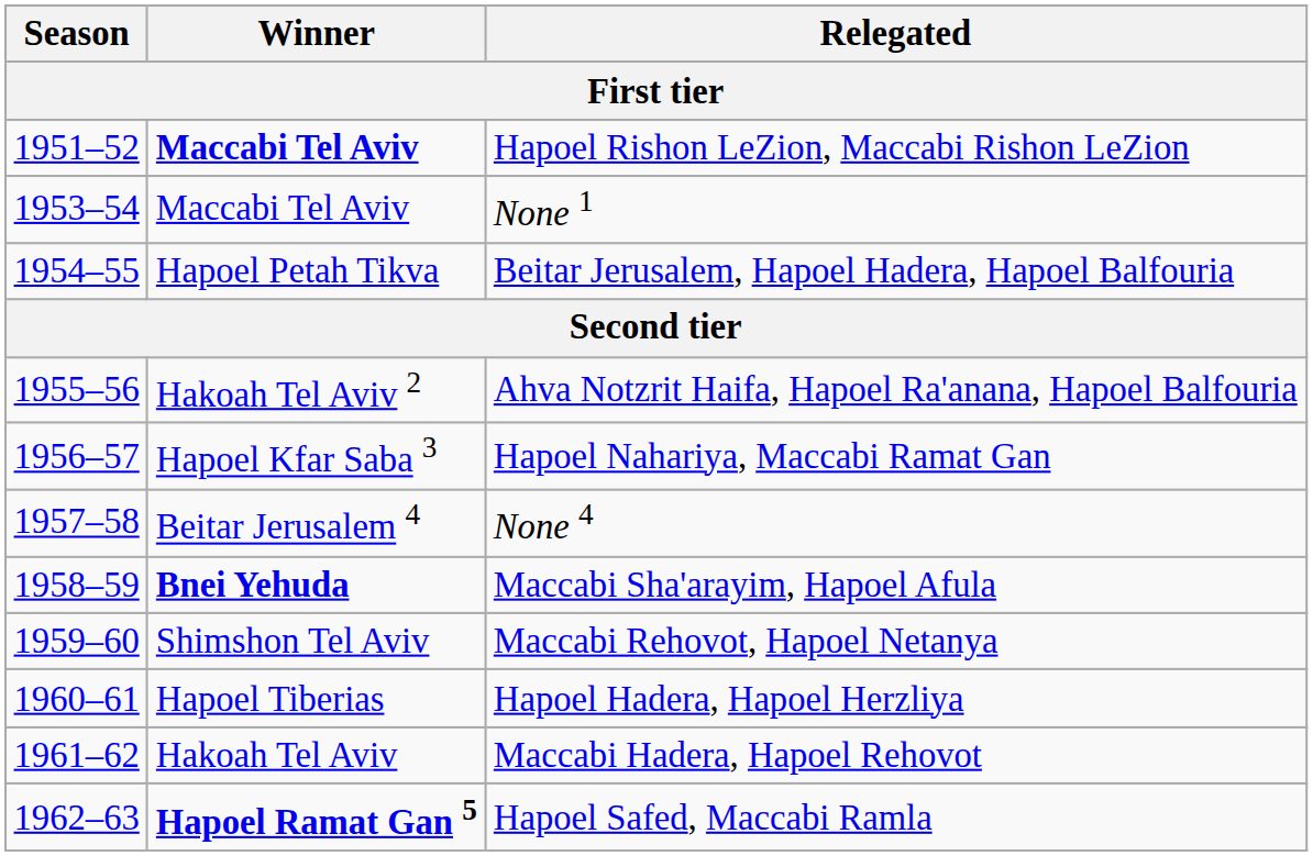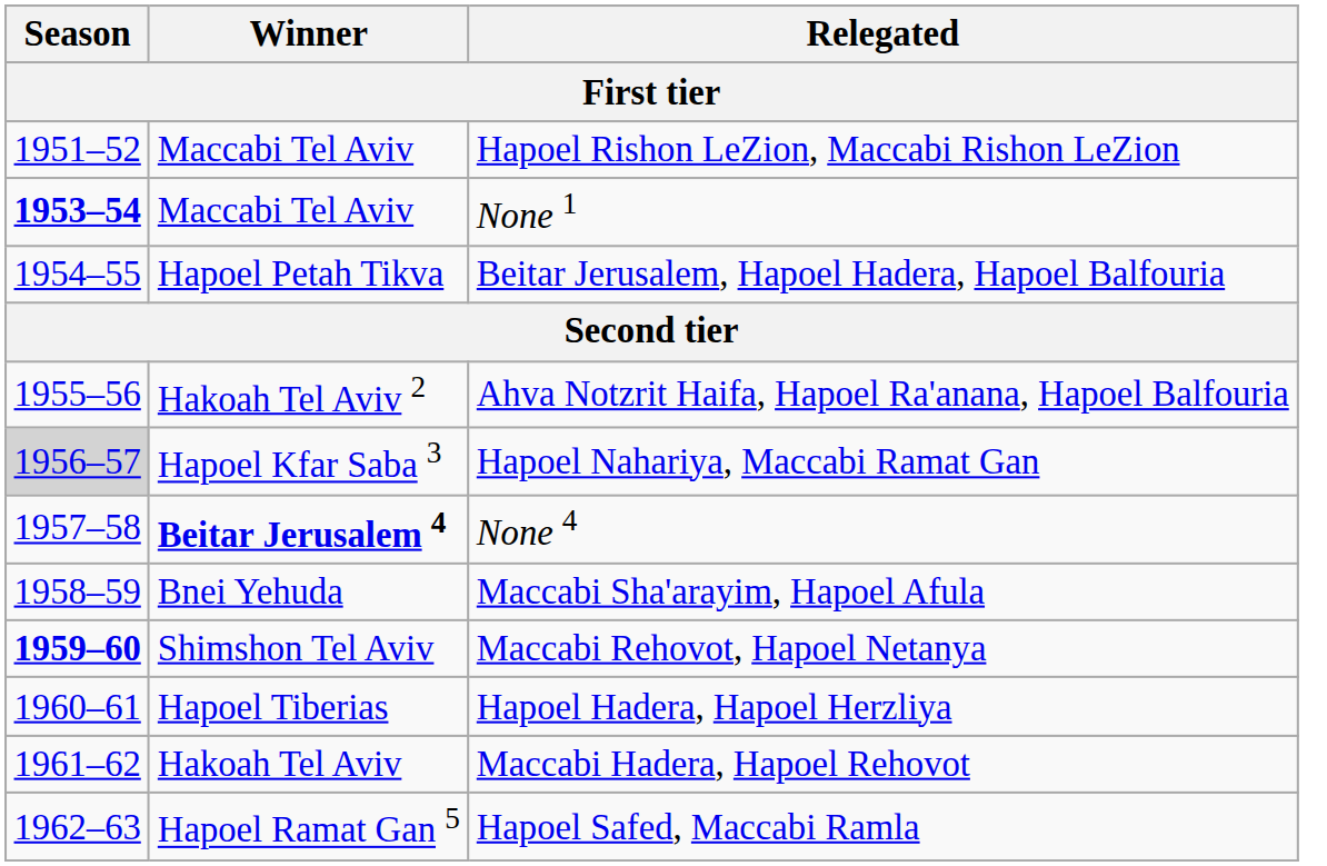 <table class="wikitable" style="text-align:left;">
 <tr>
 <th>Season</th>
 <th>Winner</th>
 <th>Relegated</th>
 </tr>
 <tr>
 <th colspan=3>First tier</th>
 </tr>
 <tr>
 <td align="center"><a href='#'>1951–52</a></td>
-<td><strong><a href='#'>Maccabi Tel Aviv</a></strong></td>
+<td><a href='#'>Maccabi Tel Aviv</a></td>
 <td><a href='#'>Hapoel Rishon LeZion</a>, <a href='#'>Maccabi Rishon LeZion</a></td>
 </tr>
 <tr>
-<td align="center"><a href='#'>1953–54</a></td>
+<td align="center"><strong><a href='#'>1953–54</a></strong></td>
 <td><a href='#'>Maccabi Tel Aviv</a></td>
 <td><em>None</em> <sup>1</sup></td>
 </tr>
 <tr>
 <td align="center"><a href='#'>1954–55</a></td>
 <td><a href='#'>Hapoel Petah Tikva</a></td>
 <td><a href='#'>Beitar Jerusalem</a>, <a href='#'>Hapoel Hadera</a>, <a href='#'>Hapoel Balfouria</a></td>
 </tr>
 <tr>
 <th colspan=3>Second tier</th>
 </tr>
 <tr>
 <td align="center"><a href='#'>1955–56</a></td>
 <td><a href='#'>Hakoah Tel Aviv</a> <sup>2</sup></td>
 <td><a href='#'>Ahva Notzrit Haifa</a>, <a href='#'>Hapoel Ra'anana</a>, <a href='#'>Hapoel Balfouria</a></td>
 </tr>
 <tr>
-<td align="center"><a href='#'>1956–57</a></td>
+<td align="center" style="background: lightgrey;"><a href='#'>1956–57</a></td>
 <td><a href='#'>Hapoel Kfar Saba</a> <sup>3</sup></td>
 <td><a href='#'>Hapoel Nahariya</a>, <a href='#'>Maccabi Ramat Gan</a></td>
 </tr>
 <tr>
 <td align="center"><a href='#'>1957–58</a></td>
-<td><a href='#'>Beitar Jerusalem</a> <sup>4</sup></td>
+<td><strong><a href='#'>Beitar Jerusalem</a> <sup>4</sup></strong></td>
 <td><em>None</em> <sup>4</sup></td>
 </tr>
 <tr>
 <td align="center"><a href='#'>1958–59</a></td>
-<td><strong><a href='#'>Bnei Yehuda</a></strong></td>
+<td><a href='#'>Bnei Yehuda</a></td>
 <td><a href='#'>Maccabi Sha'arayim</a>, <a href='#'>Hapoel Afula</a></td>
 </tr>
 <tr>
-<td align="center"><a href='#'>1959–60</a></td>
+<td align="center"><strong><a href='#'>1959–60</a></strong></td>
 <td><a href='#'>Shimshon Tel Aviv</a></td>
 <td><a href='#'>Maccabi Rehovot</a>, <a href='#'>Hapoel Netanya</a></td>
 </tr>
 <tr>
 <td align="center"><a href='#'>1960–61</a></td>
 <td><a href='#'>Hapoel Tiberias</a></td>
 <td><a href='#'>Hapoel Hadera</a>, <a href='#'>Hapoel Herzliya</a></td>
 </tr>
 <tr>
 <td align="center"><a href='#'>1961–62</a></td>
 <td><a href='#'>Hakoah Tel Aviv</a></td>
 <td><a href='#'>Maccabi Hadera</a>, <a href='#'>Hapoel Rehovot</a></td>
 </tr>
 <tr>
 <td align="center"><a href='#'>1962–63</a></td>
-<td><strong><a href='#'>Hapoel Ramat Gan</a> <sup>5</sup></strong></td>
+<td><a href='#'>Hapoel Ramat Gan</a> <sup>5</sup></td>
 <td><a href='#'>Hapoel Safed</a>, <a href='#'>Maccabi Ramla</a></td>
 </tr>
 </table>
